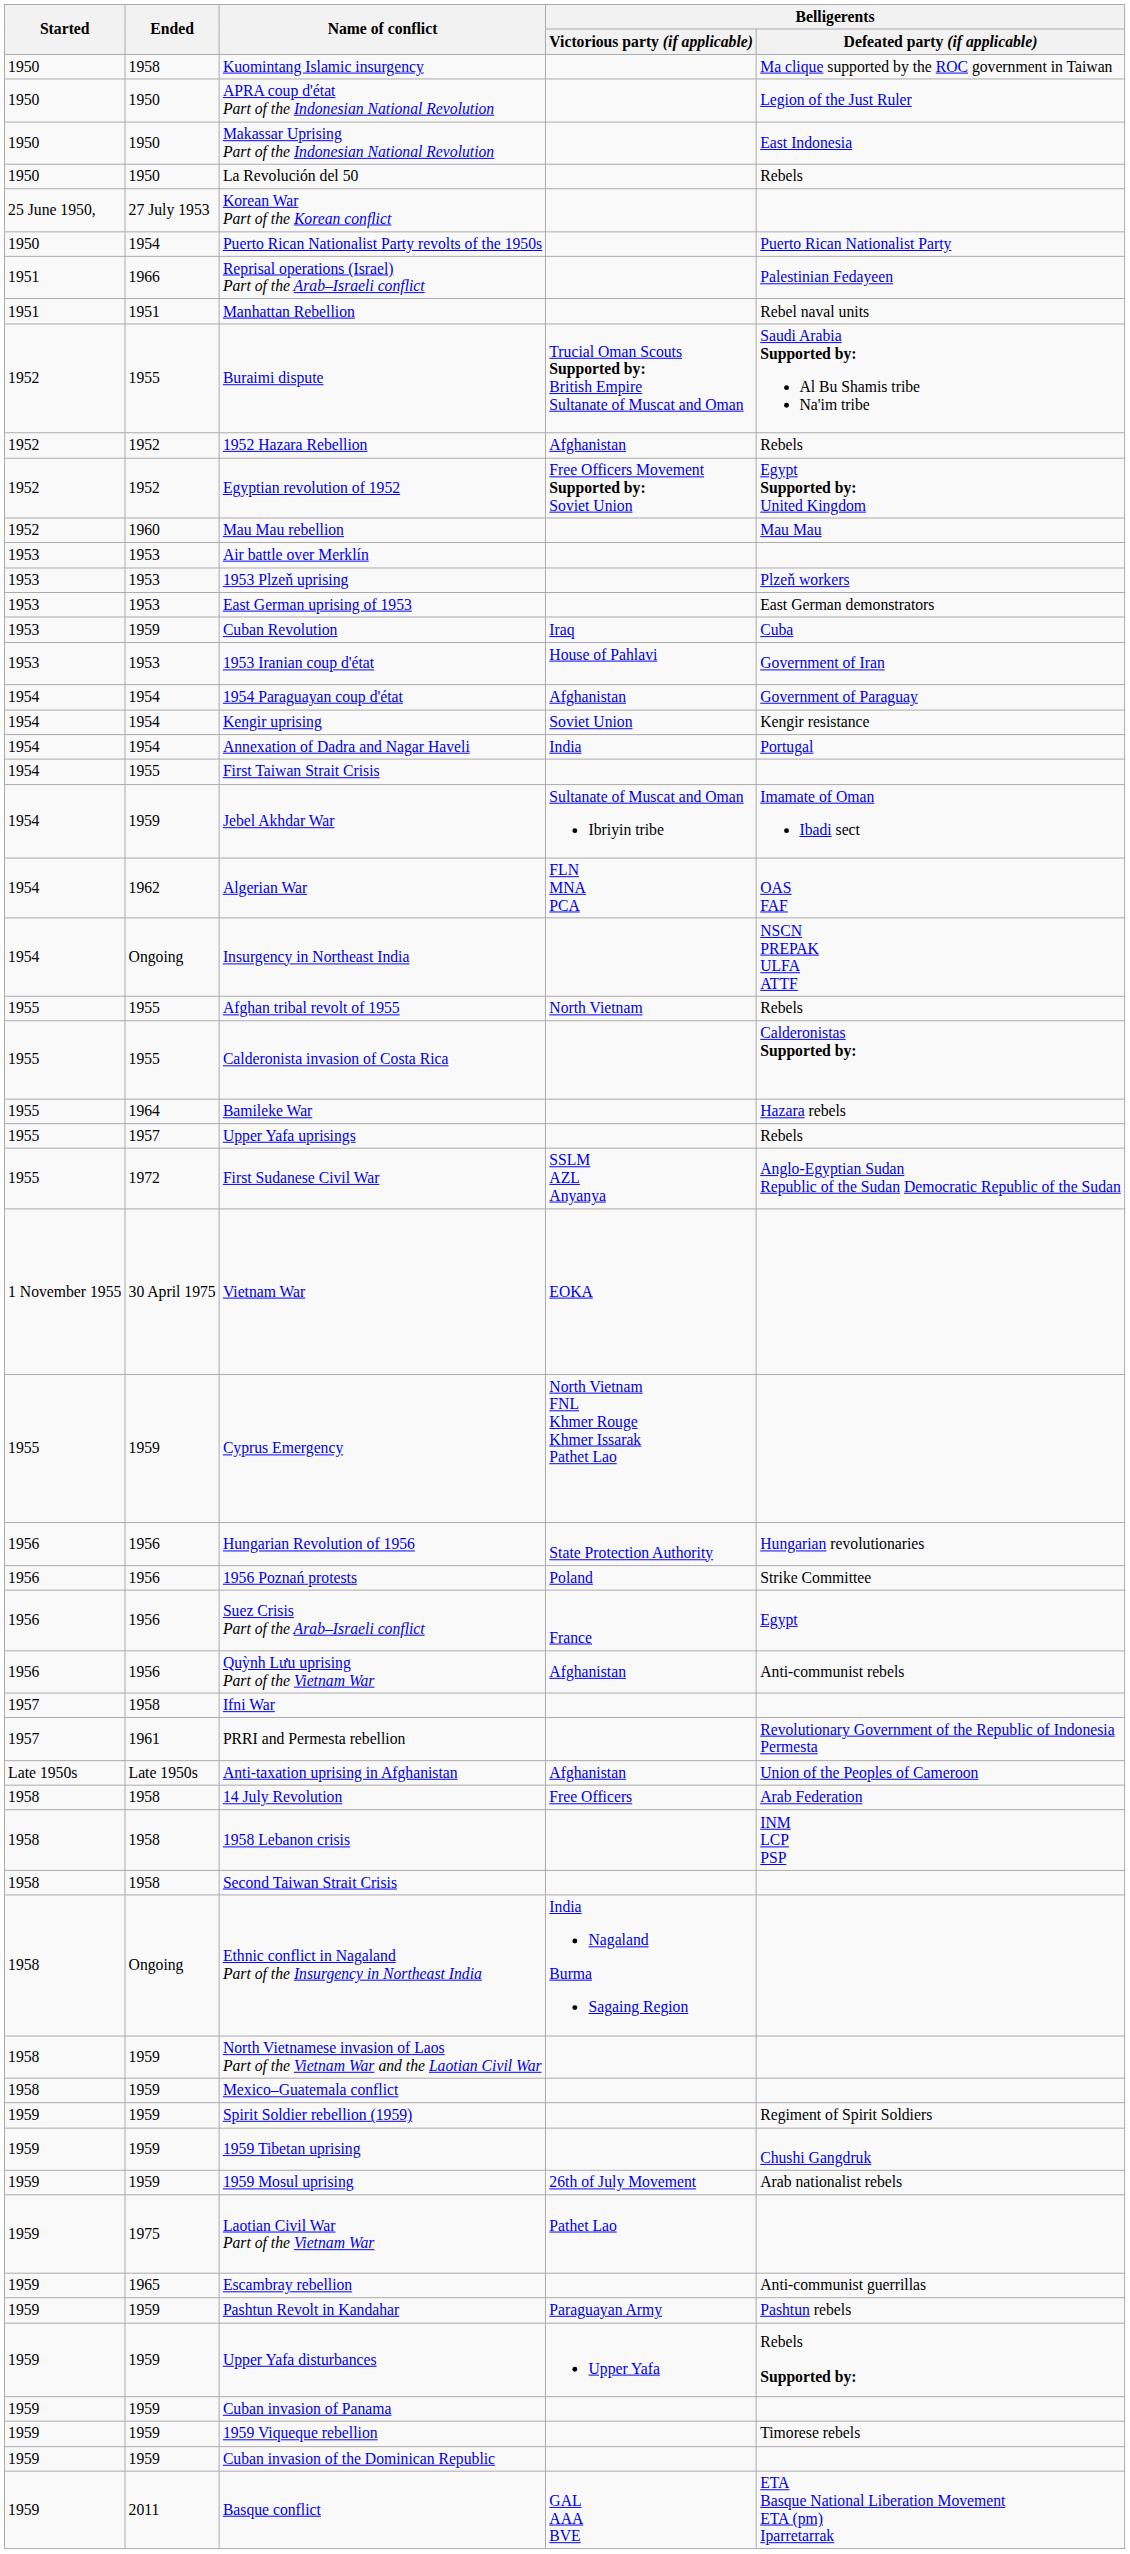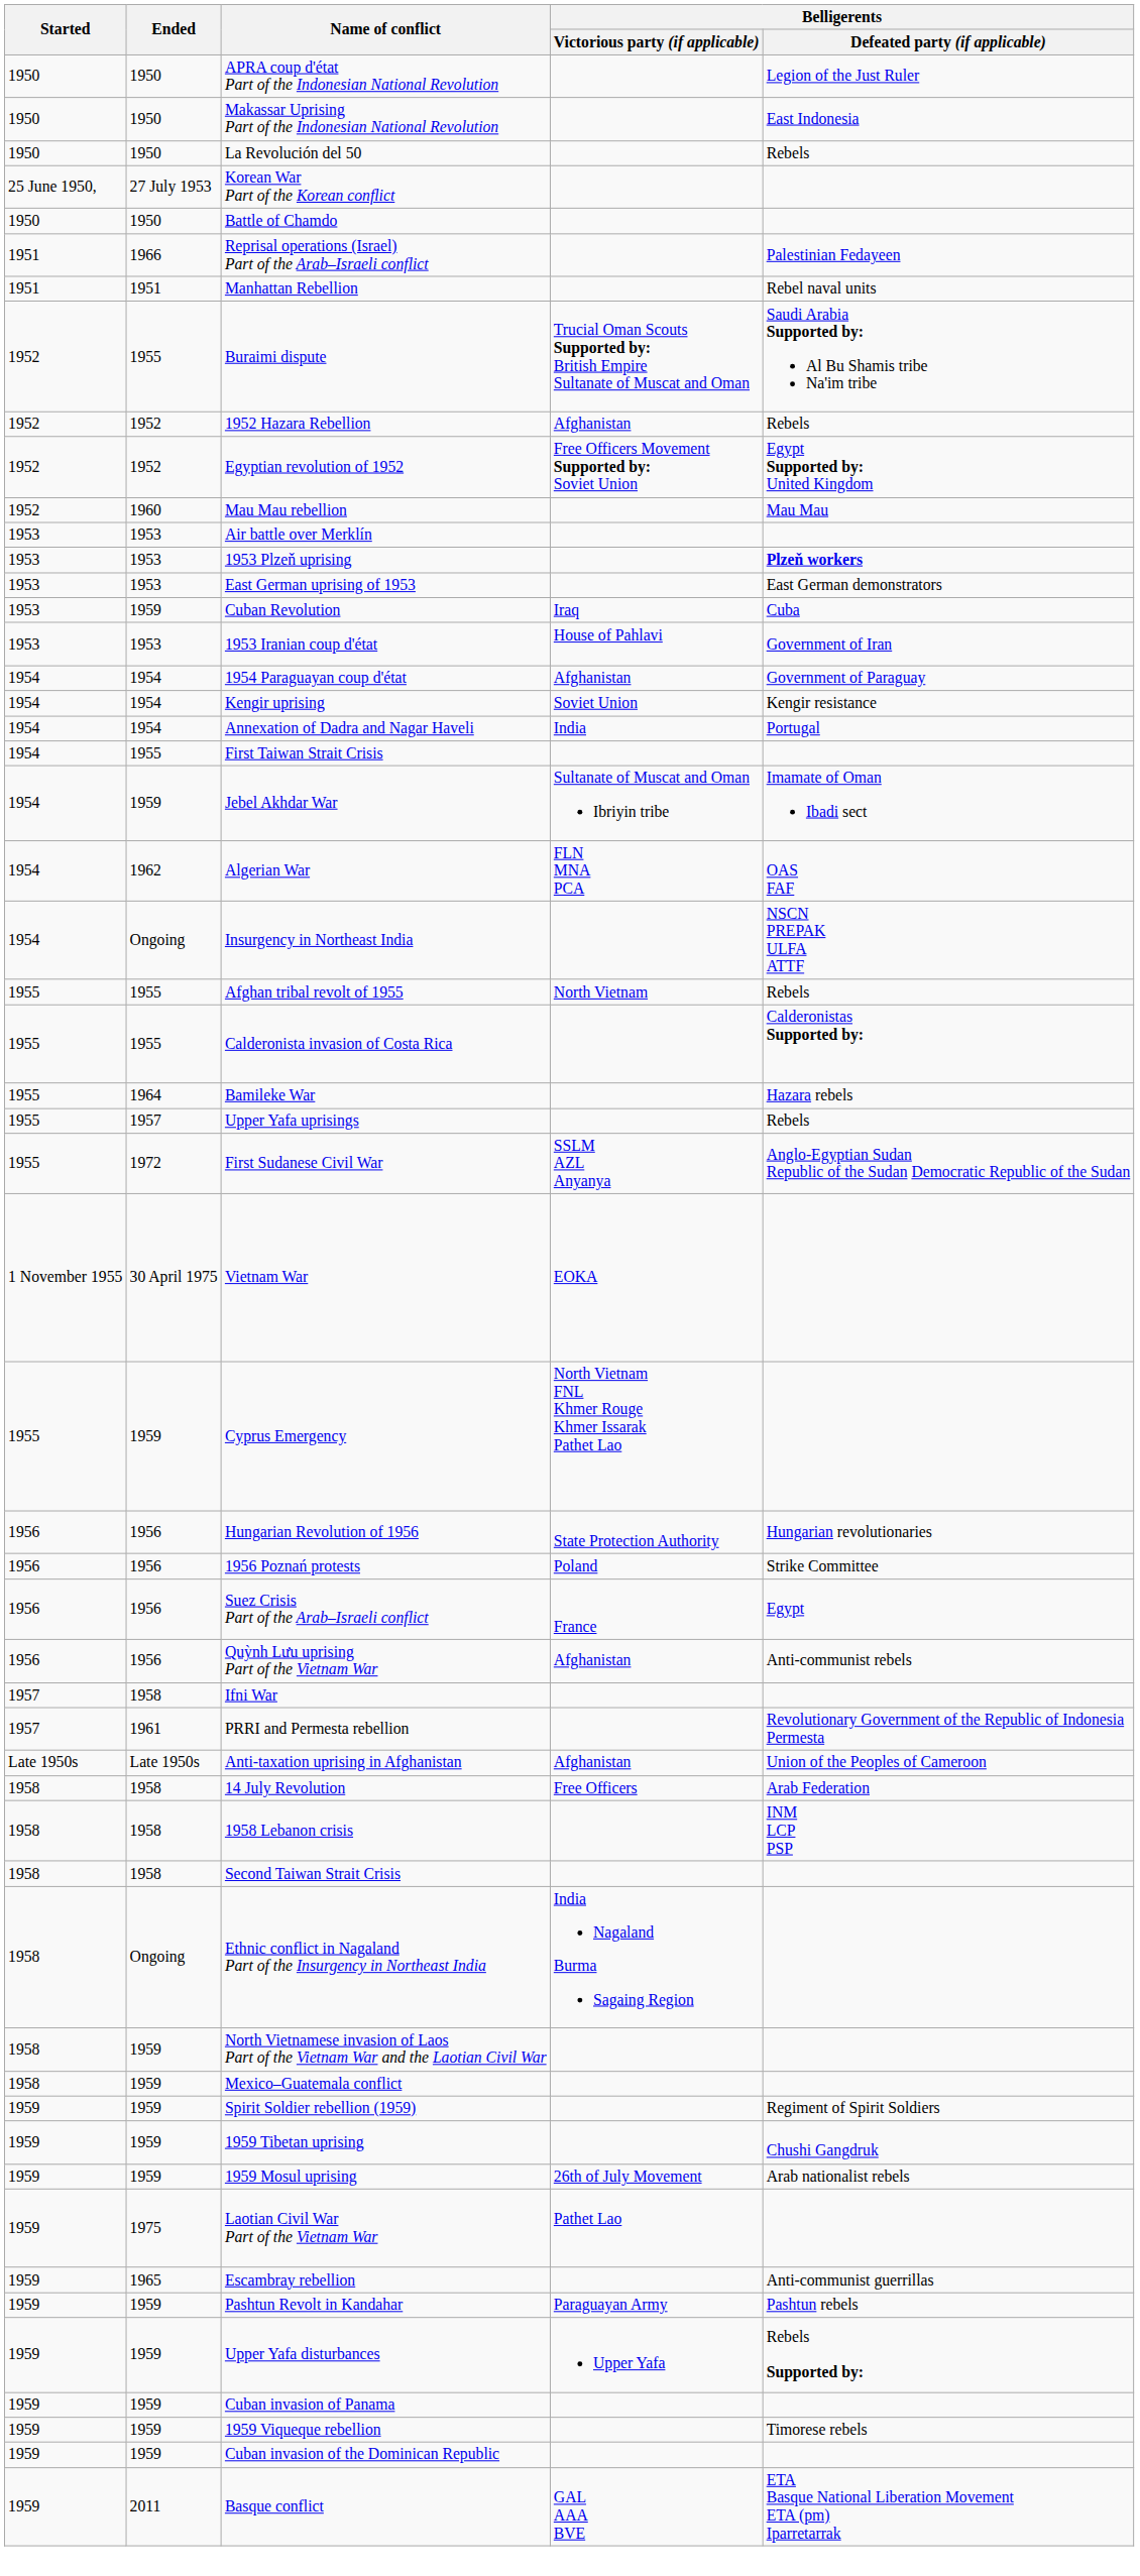 <table class="wikitable">
 <tr>
 <th rowspan="2">Started</th>
 <th rowspan="2">Ended</th>
 <th rowspan="2">Name of conflict</th>
 <th colspan="2">Belligerents</th>
 </tr>
 <tr>
 <th>Victorious party <em>(if applicable)</em></th>
 <th>Defeated party <em>(if applicable)</em></th>
-</tr>
-<tr>
-<td>1950</td>
-<td>1958</td>
-<td><a href='#'>Kuomintang Islamic insurgency</a></td>
-<td></td>
-<td><a href='#'>Ma clique</a> supported by the <a href='#'>ROC</a> government in Taiwan</td>
 </tr>
 <tr>
 <td>1950</td>
 <td>1950</td>
 <td><a href='#'>APRA coup d'état</a> <br> <em>Part of the <a href='#'>Indonesian National Revolution</a></em></td>
 <td> <br> </td>
 <td> <a href='#'>Legion of the Just Ruler</a></td>
 </tr>
 <tr>
 <td>1950</td>
 <td>1950</td>
 <td><a href='#'>Makassar Uprising</a> <br> <em>Part of the <a href='#'>Indonesian National Revolution</a></em></td>
 <td></td>
 <td> <a href='#'>East Indonesia</a></td>
 </tr>
 <tr>
 <td>1950</td>
 <td>1950</td>
 <td>La Revolución del 50</td>
 <td></td>
 <td>Rebels</td>
 </tr>
 <tr>
 <td>25 June 1950,</td>
 <td>27 July 1953</td>
 <td><a href='#'>Korean War</a> <br> <em>Part of the <a href='#'>Korean conflict</a></em></td>
 <td><br> </td>
 <td><br> </td>
 </tr>
 <tr>
 <td>1950</td>
-<td>1954</td>
-<td><a href='#'>Puerto Rican Nationalist Party revolts of the 1950s</a></td>
+<td>1950</td>
+<td><a href='#'>Battle of Chamdo</a></td>
 <td></td>
-<td> <a href='#'>Puerto Rican Nationalist Party</a></td>
+<td></td>
 </tr>
 <tr>
 <td>1951</td>
 <td>1966</td>
 <td><a href='#'>Reprisal operations (Israel)</a><br><em>Part of the <a href='#'>Arab–Israeli conflict</a></em></td>
 <td></td>
 <td> <a href='#'>Palestinian Fedayeen</a></td>
 </tr>
 <tr>
 <td>1951</td>
 <td>1951</td>
 <td><a href='#'>Manhattan Rebellion</a></td>
 <td></td>
 <td>Rebel naval units</td>
 </tr>
 <tr>
 <td>1952</td>
 <td>1955</td>
 <td><a href='#'>Buraimi dispute</a></td>
 <td> <a href='#'>Trucial Oman Scouts</a><br><strong>Supported by:</strong> <br>  <a href='#'>British Empire</a> <br>  <a href='#'>Sultanate of Muscat and Oman</a> <br></td>
 <td> <a href='#'>Saudi Arabia</a><br><strong>Supported by:</strong><ul><li>Al Bu Shamis tribe</li><li>Na'im tribe</li></ul></td>
 </tr>
 <tr>
 <td>1952</td>
 <td>1952</td>
 <td><a href='#'>1952 Hazara Rebellion</a></td>
 <td> <a href='#'>Afghanistan</a></td>
 <td> Rebels</td>
 </tr>
 <tr>
 <td>1952</td>
 <td>1952</td>
 <td><a href='#'>Egyptian revolution of 1952</a></td>
 <td> <a href='#'>Free Officers Movement</a><br><strong>Supported by:</strong><br> <a href='#'>Soviet Union</a></td>
 <td> <a href='#'>Egypt</a><br><strong>Supported by:</strong><br> <a href='#'>United Kingdom</a></td>
 </tr>
 <tr>
 <td>1952</td>
 <td>1960</td>
 <td><a href='#'>Mau Mau rebellion</a></td>
 <td></td>
 <td> <a href='#'>Mau Mau</a></td>
 </tr>
 <tr>
 <td>1953</td>
 <td>1953</td>
 <td><a href='#'>Air battle over Merklín</a></td>
 <td></td>
 <td></td>
 </tr>
 <tr>
 <td>1953</td>
 <td>1953</td>
 <td><a href='#'>1953 Plzeň uprising</a></td>
 <td></td>
-<td> <a href='#'>Plzeň workers</a></td>
+<td><strong> <a href='#'>Plzeň workers</a></strong></td>
 </tr>
 <tr>
 <td>1953</td>
 <td>1953</td>
 <td><a href='#'>East German uprising of 1953</a></td>
 <td></td>
 <td>East German demonstrators</td>
 </tr>
 <tr>
 <td>1953</td>
 <td>1959</td>
 <td><a href='#'>Cuban Revolution</a></td>
 <td> <a href='#'>Iraq</a></td>
 <td> <a href='#'>Cuba</a></td>
 </tr>
 <tr>
 <td>1953</td>
 <td>1953</td>
 <td><a href='#'>1953 Iranian coup d'état</a></td>
 <td> <a href='#'>House of Pahlavi</a><br><br></td>
 <td> <a href='#'>Government of Iran</a></td>
 </tr>
 <tr>
 <td>1954</td>
 <td>1954</td>
 <td><a href='#'>1954 Paraguayan coup d'état</a></td>
 <td> <a href='#'>Afghanistan</a></td>
 <td> <a href='#'>Government of Paraguay</a></td>
 </tr>
 <tr>
 <td>1954</td>
 <td>1954</td>
 <td><a href='#'>Kengir uprising</a></td>
 <td> <a href='#'>Soviet Union</a></td>
 <td> Kengir resistance</td>
 </tr>
 <tr>
 <td>1954</td>
 <td>1954</td>
 <td><a href='#'>Annexation of Dadra and Nagar Haveli</a></td>
 <td> <a href='#'>India</a></td>
 <td> <a href='#'>Portugal</a></td>
 </tr>
 <tr>
 <td>1954</td>
 <td>1955</td>
 <td><a href='#'>First Taiwan Strait Crisis</a></td>
 <td></td>
 <td></td>
 </tr>
 <tr>
 <td>1954</td>
 <td>1959</td>
 <td><a href='#'>Jebel Akhdar War</a></td>
 <td> <a href='#'>Sultanate of Muscat and Oman</a><br><ul><li>Ibriyin tribe</li></ul></td>
 <td> <a href='#'>Imamate of Oman</a><br><ul><li><a href='#'>Ibadi</a> sect</li></ul></td>
 </tr>
 <tr>
 <td>1954</td>
 <td>1962</td>
 <td><a href='#'>Algerian War</a></td>
 <td> <a href='#'>FLN</a><br> <a href='#'>MNA</a><br> <a href='#'>PCA</a></td>
 <td><br> <a href='#'>OAS</a><br> <a href='#'>FAF</a></td>
 </tr>
 <tr>
 <td>1954</td>
 <td>Ongoing</td>
 <td><a href='#'>Insurgency in Northeast India</a></td>
 <td></td>
 <td> <a href='#'>NSCN</a><br><a href='#'>PREPAK</a><br> <a href='#'>ULFA</a><br> <a href='#'>ATTF</a></td>
 </tr>
 <tr>
 <td>1955</td>
 <td>1955</td>
 <td><a href='#'>Afghan tribal revolt of 1955</a></td>
 <td> <a href='#'>North Vietnam</a></td>
 <td>Rebels</td>
 </tr>
 <tr>
 <td>1955</td>
 <td>1955</td>
 <td><a href='#'>Calderonista invasion of Costa Rica</a></td>
 <td></td>
 <td> <a href='#'>Calderonistas</a><br><strong>Supported by:</strong><br><br><br> </td>
 </tr>
 <tr>
 <td>1955</td>
 <td>1964</td>
 <td><a href='#'>Bamileke War</a></td>
 <td></td>
 <td><a href='#'>Hazara</a> rebels</td>
 </tr>
 <tr>
 <td>1955</td>
 <td>1957</td>
 <td><a href='#'>Upper Yafa uprisings</a></td>
 <td></td>
 <td>Rebels</td>
 </tr>
 <tr>
 <td>1955</td>
 <td>1972</td>
 <td><a href='#'>First Sudanese Civil War</a></td>
 <td> <a href='#'>SSLM</a><br> <a href='#'>AZL</a><br> <a href='#'>Anyanya</a></td>
 <td> <a href='#'>Anglo-Egyptian Sudan</a><br> <a href='#'>Republic of the Sudan</a> <a href='#'>Democratic Republic of the Sudan</a></td>
 </tr>
 <tr>
 <td>1 November 1955</td>
 <td>30 April 1975 </td>
 <td><a href='#'>Vietnam War</a></td>
 <td> <a href='#'>EOKA</a></td>
 <td><br><br><br><br><br><br><br><br><br></td>
 </tr>
 <tr>
 <td>1955</td>
 <td>1959</td>
 <td><a href='#'>Cyprus Emergency</a></td>
 <td> <a href='#'>North Vietnam</a><br> <a href='#'>FNL</a><br> <a href='#'>Khmer Rouge</a><br> <a href='#'>Khmer Issarak</a><br> <a href='#'>Pathet Lao</a><br> <br><br><br> </td>
 <td></td>
 </tr>
 <tr>
 <td>1956</td>
 <td>1956</td>
 <td><a href='#'>Hungarian Revolution of 1956</a></td>
 <td><br> <a href='#'>State Protection Authority</a></td>
 <td> <a href='#'>Hungarian</a> revolutionaries</td>
 </tr>
 <tr>
 <td>1956</td>
 <td>1956</td>
 <td><a href='#'>1956 Poznań protests</a></td>
 <td> <a href='#'>Poland</a></td>
 <td>Strike Committee</td>
 </tr>
 <tr>
 <td>1956</td>
 <td>1956</td>
 <td><a href='#'>Suez Crisis</a><br><em>Part of the <a href='#'>Arab–Israeli conflict</a></em></td>
 <td><br><br> <a href='#'>France</a></td>
 <td> <a href='#'>Egypt</a></td>
 </tr>
 <tr>
 <td>1956</td>
 <td>1956</td>
 <td><a href='#'>Quỳnh Lưu uprising</a><br><em>Part of the <a href='#'>Vietnam War</a></em></td>
 <td> <a href='#'>Afghanistan</a></td>
 <td>Anti-communist rebels</td>
 </tr>
 <tr>
 <td>1957</td>
 <td>1958</td>
 <td><a href='#'>Ifni War</a></td>
 <td></td>
 <td><br></td>
 </tr>
 <tr>
 <td>1957</td>
 <td>1961</td>
 <td>PRRI and Permesta rebellion</td>
 <td></td>
 <td> <a href='#'>Revolutionary Government of the Republic of Indonesia</a><br><a href='#'>Permesta</a></td>
 </tr>
 <tr>
 <td>Late 1950s</td>
 <td>Late 1950s</td>
 <td><a href='#'>Anti-taxation uprising in Afghanistan</a></td>
 <td> <a href='#'>Afghanistan</a></td>
 <td><a href='#'>Union of the Peoples of Cameroon</a></td>
 </tr>
 <tr>
 <td>1958</td>
 <td>1958</td>
 <td><a href='#'>14 July Revolution</a></td>
 <td> <a href='#'>Free Officers</a></td>
 <td> <a href='#'>Arab Federation</a></td>
 </tr>
 <tr>
 <td>1958</td>
 <td>1958</td>
 <td><a href='#'>1958 Lebanon crisis</a></td>
 <td> <br> </td>
 <td> <a href='#'>INM</a> <br>  <a href='#'>LCP</a><br> <a href='#'>PSP</a></td>
 </tr>
 <tr>
 <td>1958</td>
 <td>1958</td>
 <td><a href='#'>Second Taiwan Strait Crisis</a></td>
 <td></td>
 <td></td>
 </tr>
 <tr>
 <td>1958</td>
 <td>Ongoing</td>
 <td><a href='#'>Ethnic conflict in Nagaland</a><br><em>Part of the <a href='#'>Insurgency in Northeast India</a></em></td>
 <td> <a href='#'>India</a><br><ul><li><a href='#'>Nagaland</a></li></ul> <a href='#'>Burma</a><ul><li> <a href='#'>Sagaing Region</a></li></ul></td>
 <td></td>
 </tr>
 <tr>
 <td>1958</td>
 <td>1959</td>
 <td><a href='#'>North Vietnamese invasion of Laos</a><br><em>Part of the <a href='#'>Vietnam War</a> and the <a href='#'>Laotian Civil War</a></em></td>
 <td></td>
 <td></td>
 </tr>
 <tr>
 <td>1958</td>
 <td>1959</td>
 <td><a href='#'>Mexico–Guatemala conflict</a></td>
 <td></td>
 <td></td>
 </tr>
 <tr>
 <td>1959</td>
 <td>1959</td>
 <td><a href='#'>Spirit Soldier rebellion (1959)</a></td>
 <td></td>
 <td>Regiment of Spirit Soldiers</td>
 </tr>
 <tr>
 <td>1959</td>
 <td>1959</td>
 <td><a href='#'>1959 Tibetan uprising</a></td>
 <td></td>
 <td><br> <a href='#'>Chushi Gangdruk</a></td>
 </tr>
 <tr>
 <td>1959</td>
 <td>1959</td>
 <td><a href='#'>1959 Mosul uprising</a></td>
 <td> <a href='#'>26th of July Movement</a></td>
 <td> Arab nationalist rebels</td>
 </tr>
 <tr>
 <td>1959</td>
 <td>1975</td>
 <td><a href='#'>Laotian Civil War</a><br><em>Part of the <a href='#'>Vietnam War</a></em></td>
 <td> <a href='#'>Pathet Lao</a><br><br></td>
 <td><br><br><br><br></td>
 </tr>
 <tr>
 <td>1959</td>
 <td>1965</td>
 <td><a href='#'>Escambray rebellion</a></td>
 <td></td>
 <td>Anti-communist guerrillas</td>
 </tr>
 <tr>
 <td>1959</td>
 <td>1959</td>
 <td><a href='#'>Pashtun Revolt in Kandahar</a></td>
 <td> <a href='#'>Paraguayan Army</a></td>
 <td><a href='#'>Pashtun</a> rebels</td>
 </tr>
 <tr>
 <td>1959</td>
 <td>1959</td>
 <td><a href='#'>Upper Yafa disturbances</a></td>
 <td><br><ul><li> <a href='#'>Upper Yafa</a></li></ul></td>
 <td>Rebels<br><br><strong>Supported by:</strong><br> </td>
 </tr>
 <tr>
 <td>1959</td>
 <td>1959</td>
 <td><a href='#'>Cuban invasion of Panama</a></td>
 <td></td>
 <td></td>
 </tr>
 <tr>
 <td>1959</td>
 <td>1959</td>
 <td><a href='#'>1959 Viqueque rebellion</a></td>
 <td></td>
 <td>Timorese rebels</td>
 </tr>
 <tr>
 <td>1959</td>
 <td>1959</td>
 <td><a href='#'>Cuban invasion of the Dominican Republic</a></td>
 <td></td>
 <td></td>
 </tr>
 <tr>
 <td>1959</td>
 <td>2011</td>
 <td><a href='#'>Basque conflict</a></td>
 <td><br>  <a href='#'>GAL</a> <br>  <a href='#'>AAA</a> <br>  <a href='#'>BVE</a> <br> </td>
 <td> <a href='#'>ETA</a><br> <a href='#'>Basque National Liberation Movement</a><br> <a href='#'>ETA (pm)</a><br> <a href='#'>Iparretarrak</a></td>
 </tr>
 </table>
